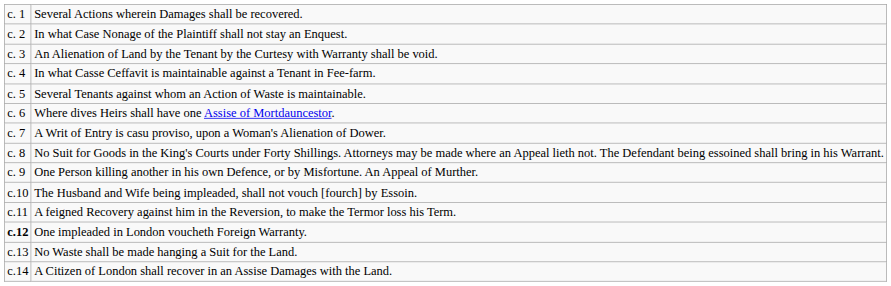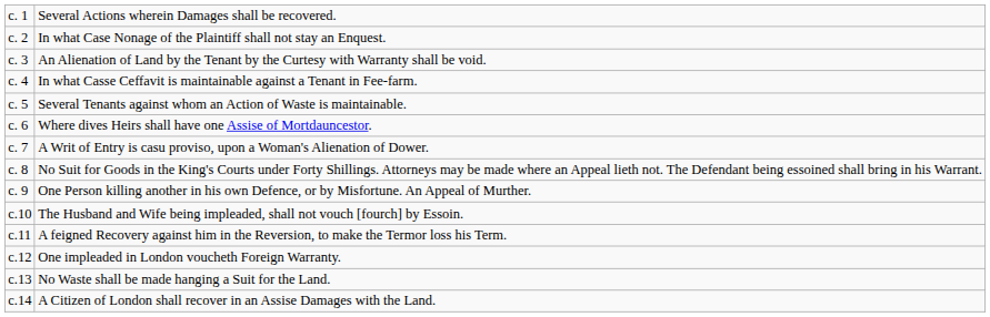 <table class="wikitable">
 <tr>
 <td>c. 1</td>
 <td>Several Actions wherein Damages shall be recovered.</td>
 </tr>
 <tr>
 <td>c. 2</td>
 <td>In what Case Nonage of the Plaintiff shall not stay an Enquest.</td>
 </tr>
 <tr>
 <td>c. 3</td>
 <td>An Alienation of Land by the Tenant by the Curtesy with Warranty shall be void.</td>
 </tr>
 <tr>
 <td>c. 4</td>
 <td>In what Casse Ceffavit is maintainable against a Tenant in Fee-farm.</td>
 </tr>
 <tr>
 <td>c. 5</td>
 <td>Several Tenants against whom an Action of Waste is maintainable.</td>
 </tr>
 <tr>
 <td>c. 6</td>
 <td>Where dives Heirs shall have one <a href='#'>Assise of Mortdauncestor</a>.</td>
 </tr>
 <tr>
 <td>c. 7</td>
 <td>A Writ of Entry is casu proviso, upon a Woman's Alienation of Dower.</td>
 </tr>
 <tr>
 <td>c. 8</td>
 <td>No Suit for Goods in the King's Courts under Forty Shillings. Attorneys may be made where an Appeal lieth not. The Defendant being essoined shall bring in his Warrant.</td>
 </tr>
 <tr>
 <td>c. 9</td>
 <td>One Person killing another in his own Defence, or by Misfortune. An Appeal of Murther.</td>
 </tr>
 <tr>
 <td>c.10</td>
 <td>The Husband and Wife being impleaded, shall not vouch [fourch] by Essoin.</td>
 </tr>
 <tr>
 <td>c.11</td>
 <td>A feigned Recovery against him in the Reversion, to make the Termor loss his Term.</td>
 </tr>
 <tr>
-<td><strong>c.12</strong></td>
+<td>c.12</td>
 <td>One impleaded in London voucheth Foreign Warranty.</td>
 </tr>
 <tr>
 <td>c.13</td>
 <td>No Waste shall be made hanging a Suit for the Land.</td>
 </tr>
 <tr>
 <td>c.14</td>
 <td>A Citizen of London shall recover in an Assise Damages with the Land.</td>
 </tr>
 </table>
